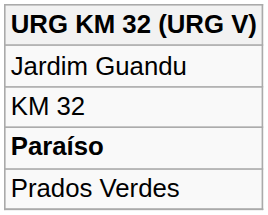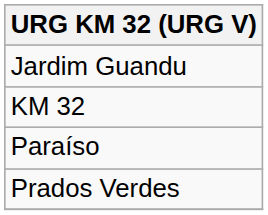 <table class="wikitable" style="margin-bottom: 10px;" border="1">
 <tr>
 <th>URG KM 32 (URG V)</th>
 </tr>
 <tr>
 <td>Jardim Guandu</td>
 </tr>
 <tr>
 <td>KM 32</td>
 </tr>
 <tr>
-<td><strong>Paraíso</strong></td>
+<td>Paraíso</td>
 </tr>
 <tr>
 <td>Prados Verdes</td>
 </tr>
 <tr>
 </tr>
 </table>
